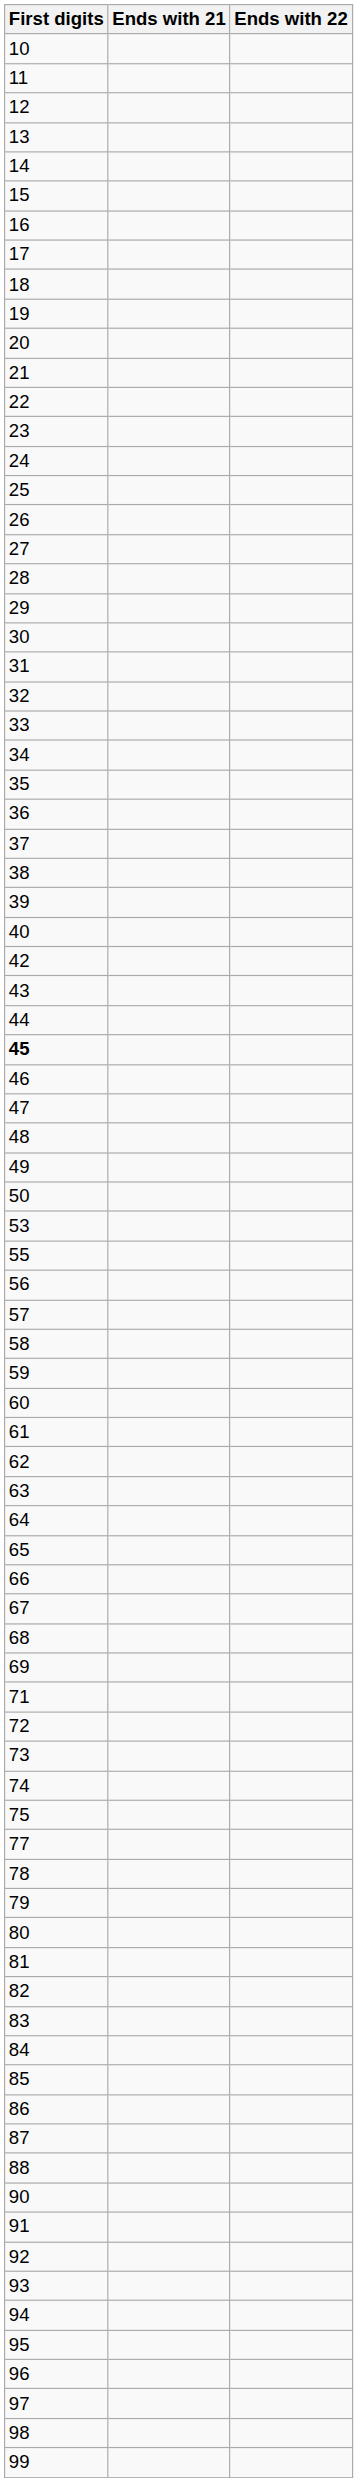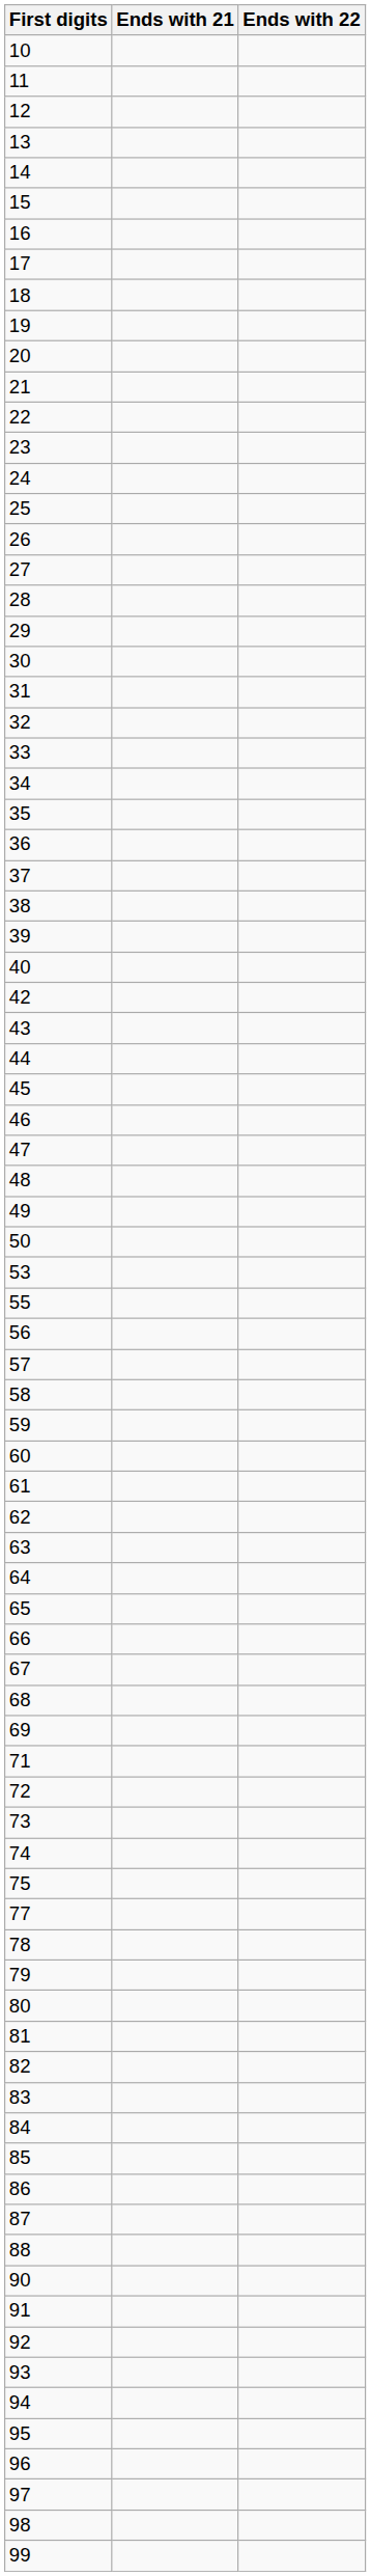 <table class="wikitable">
 <tr>
 <th>First digits</th>
 <th>Ends with 21</th>
 <th>Ends with 22</th>
 </tr>
 <tr>
 <td>10</td>
 <td></td>
 <td></td>
 </tr>
 <tr>
 <td>11</td>
 <td></td>
 <td></td>
 </tr>
 <tr>
 <td>12</td>
 <td></td>
 <td></td>
 </tr>
 <tr>
 <td>13</td>
 <td></td>
 <td></td>
 </tr>
 <tr>
 <td>14</td>
 <td></td>
 <td></td>
 </tr>
 <tr>
 <td>15</td>
 <td></td>
 <td></td>
 </tr>
 <tr>
 <td>16</td>
 <td></td>
 <td></td>
 </tr>
 <tr>
 <td>17</td>
 <td></td>
 <td></td>
 </tr>
 <tr>
 <td>18</td>
 <td></td>
 <td></td>
 </tr>
 <tr>
 <td>19</td>
 <td></td>
 <td></td>
 </tr>
 <tr>
 <td>20</td>
 <td></td>
 <td></td>
 </tr>
 <tr>
 <td>21</td>
 <td></td>
 <td></td>
 </tr>
 <tr>
 <td>22</td>
 <td></td>
 <td></td>
 </tr>
 <tr>
 <td>23</td>
 <td></td>
 <td></td>
 </tr>
 <tr>
 <td>24</td>
 <td></td>
 <td></td>
 </tr>
 <tr>
 <td>25</td>
 <td></td>
 <td></td>
 </tr>
 <tr>
 <td>26</td>
 <td></td>
 <td></td>
 </tr>
 <tr>
 <td>27</td>
 <td></td>
 <td></td>
 </tr>
 <tr>
 <td>28</td>
 <td></td>
 <td></td>
 </tr>
 <tr>
 <td>29</td>
 <td></td>
 <td></td>
 </tr>
 <tr>
 <td>30</td>
 <td></td>
 <td></td>
 </tr>
 <tr>
 <td>31</td>
 <td></td>
 <td></td>
 </tr>
 <tr>
 <td>32</td>
 <td></td>
 <td></td>
 </tr>
 <tr>
 <td>33</td>
 <td></td>
 <td></td>
 </tr>
 <tr>
 <td>34</td>
 <td></td>
 <td></td>
 </tr>
 <tr>
 <td>35</td>
 <td></td>
 <td></td>
 </tr>
 <tr>
 <td>36</td>
 <td></td>
 <td></td>
 </tr>
 <tr>
 <td>37</td>
 <td></td>
 <td></td>
 </tr>
 <tr>
 <td>38</td>
 <td></td>
 <td></td>
 </tr>
 <tr>
 <td>39</td>
 <td></td>
 <td></td>
 </tr>
 <tr>
 <td>40</td>
 <td></td>
 <td></td>
 </tr>
 <tr>
 <td>42</td>
 <td></td>
 <td></td>
 </tr>
 <tr>
 <td>43</td>
 <td></td>
 <td></td>
 </tr>
 <tr>
 <td>44</td>
 <td></td>
 <td></td>
 </tr>
 <tr>
-<td><strong>45</strong></td>
+<td>45</td>
 <td></td>
 <td></td>
 </tr>
 <tr>
 <td>46</td>
 <td></td>
 <td></td>
 </tr>
 <tr>
 <td>47</td>
 <td></td>
 <td></td>
 </tr>
 <tr>
 <td>48</td>
 <td></td>
 <td></td>
 </tr>
 <tr>
 <td>49</td>
 <td></td>
 <td></td>
 </tr>
 <tr>
 <td>50</td>
 <td></td>
 <td></td>
 </tr>
 <tr>
 <td>53</td>
 <td></td>
 <td></td>
 </tr>
 <tr>
 <td>55</td>
 <td></td>
 <td></td>
 </tr>
 <tr>
 <td>56</td>
 <td></td>
 <td></td>
 </tr>
 <tr>
 <td>57</td>
 <td></td>
 <td></td>
 </tr>
 <tr>
 <td>58</td>
 <td></td>
 <td></td>
 </tr>
 <tr>
 <td>59</td>
 <td></td>
 <td></td>
 </tr>
 <tr>
 <td>60</td>
 <td></td>
 <td></td>
 </tr>
 <tr>
 <td>61</td>
 <td></td>
 <td></td>
 </tr>
 <tr>
 <td>62</td>
 <td></td>
 <td></td>
 </tr>
 <tr>
 <td>63</td>
 <td></td>
 <td></td>
 </tr>
 <tr>
 <td>64</td>
 <td></td>
 <td></td>
 </tr>
 <tr>
 <td>65</td>
 <td></td>
 <td></td>
 </tr>
 <tr>
 <td>66</td>
 <td></td>
 <td></td>
 </tr>
 <tr>
 <td>67</td>
 <td></td>
 <td></td>
 </tr>
 <tr>
 <td>68</td>
 <td></td>
 <td></td>
 </tr>
 <tr>
 <td>69</td>
 <td></td>
 <td></td>
 </tr>
 <tr>
 <td>71</td>
 <td></td>
 <td></td>
 </tr>
 <tr>
 <td>72</td>
 <td></td>
 <td></td>
 </tr>
 <tr>
 <td>73</td>
 <td></td>
 <td></td>
 </tr>
 <tr>
 <td>74</td>
 <td></td>
 <td></td>
 </tr>
 <tr>
 <td>75</td>
 <td></td>
 <td></td>
 </tr>
 <tr>
 <td>77</td>
 <td></td>
 <td></td>
 </tr>
 <tr>
 <td>78</td>
 <td></td>
 <td></td>
 </tr>
 <tr>
 <td>79</td>
 <td></td>
 <td></td>
 </tr>
 <tr>
 <td>80</td>
 <td></td>
 <td></td>
 </tr>
 <tr>
 <td>81</td>
 <td></td>
 <td></td>
 </tr>
 <tr>
 <td>82</td>
 <td></td>
 <td></td>
 </tr>
 <tr>
 <td>83</td>
 <td></td>
 <td></td>
 </tr>
 <tr>
 <td>84</td>
 <td></td>
 <td></td>
 </tr>
 <tr>
 <td>85</td>
 <td></td>
 <td></td>
 </tr>
 <tr>
 <td>86</td>
 <td></td>
 <td></td>
 </tr>
 <tr>
 <td>87</td>
 <td></td>
 <td></td>
 </tr>
 <tr>
 <td>88</td>
 <td></td>
 <td></td>
 </tr>
 <tr>
 <td>90</td>
 <td></td>
 <td></td>
 </tr>
 <tr>
 <td>91</td>
 <td></td>
 <td></td>
 </tr>
 <tr>
 <td>92</td>
 <td></td>
 <td></td>
 </tr>
 <tr>
 <td>93</td>
 <td></td>
 <td></td>
 </tr>
 <tr>
 <td>94</td>
 <td></td>
 <td></td>
 </tr>
 <tr>
 <td>95</td>
 <td></td>
 <td></td>
 </tr>
 <tr>
 <td>96</td>
 <td></td>
 <td></td>
 </tr>
 <tr>
 <td>97</td>
 <td></td>
 <td></td>
 </tr>
 <tr>
 <td>98</td>
 <td></td>
 <td></td>
 </tr>
 <tr>
 <td>99</td>
 <td></td>
 <td></td>
 </tr>
 </table>
